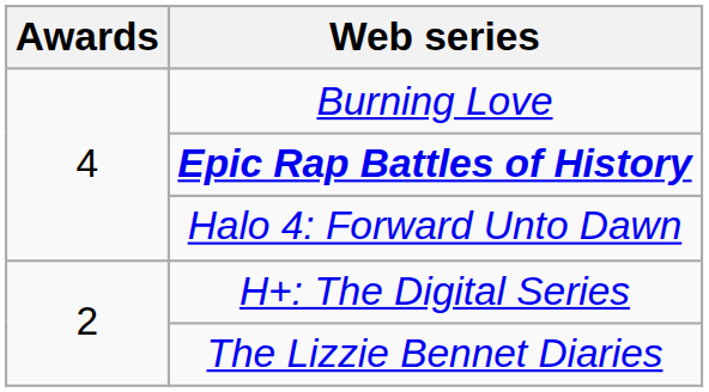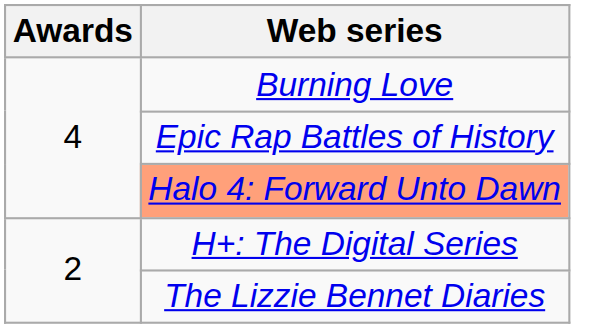 <table class="wikitable plainrowheaders" style="text-align:center;">
 <tr>
 <th scope="col" style="width:55px;">Awards</th>
 <th scope="col" style="text-align:center;">Web series</th>
 </tr>
 <tr>
 <td rowspan="3">4</td>
 <td><em><a href='#'>Burning Love</a></em></td>
 </tr>
 <tr>
-<td><strong><em><a href='#'>Epic Rap Battles of History</a></em></strong></td>
+<td><em><a href='#'>Epic Rap Battles of History</a></em></td>
 </tr>
 <tr>
-<td><em><a href='#'>Halo 4: Forward Unto Dawn</a></em></td>
+<td style="background: lightsalmon;"><em><a href='#'>Halo 4: Forward Unto Dawn</a></em></td>
 </tr>
 <tr>
 <td rowspan="2">2</td>
 <td><em><a href='#'>H+: The Digital Series</a></em></td>
 </tr>
 <tr>
 <td><em><a href='#'>The Lizzie Bennet Diaries</a></em></td>
 </tr>
 </table>
